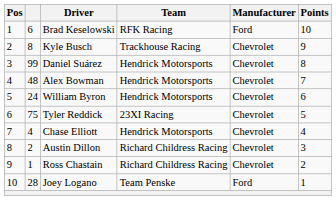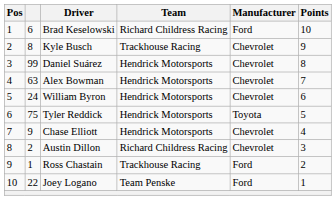 <table class="wikitable" style="font-size:98%">
 <tr>
 <th>Pos</th>
 <th></th>
 <th>Driver</th>
 <th>Team</th>
 <th>Manufacturer</th>
 <th>Points</th>
 </tr>
 <tr>
 <td>1</td>
 <td>6</td>
 <td>Brad Keselowski</td>
-<td>RFK Racing</td>
+<td>Richard Childress Racing</td>
 <td>Ford</td>
 <td>10</td>
 </tr>
 <tr>
 <td>2</td>
 <td>8</td>
 <td>Kyle Busch</td>
 <td>Trackhouse Racing</td>
 <td>Chevrolet</td>
 <td>9</td>
 </tr>
 <tr>
 <td>3</td>
 <td>99</td>
 <td>Daniel Suárez</td>
 <td>Hendrick Motorsports</td>
 <td>Chevrolet</td>
 <td>8</td>
 </tr>
 <tr>
 <td>4</td>
-<td>48</td>
+<td>63</td>
 <td>Alex Bowman</td>
 <td>Hendrick Motorsports</td>
 <td>Chevrolet</td>
 <td>7</td>
 </tr>
 <tr>
 <td>5</td>
 <td>24</td>
 <td>William Byron</td>
 <td>Hendrick Motorsports</td>
 <td>Chevrolet</td>
 <td>6</td>
 </tr>
 <tr>
 <td>6</td>
 <td>75</td>
 <td>Tyler Reddick</td>
-<td>23XI Racing</td>
-<td>Chevrolet</td>
+<td>Hendrick Motorsports</td>
+<td>Toyota</td>
 <td>5</td>
 </tr>
 <tr>
 <td>7</td>
-<td>4</td>
+<td>9</td>
 <td>Chase Elliott</td>
 <td>Hendrick Motorsports</td>
 <td>Chevrolet</td>
 <td>4</td>
 </tr>
 <tr>
 <td>8</td>
 <td>2</td>
 <td>Austin Dillon</td>
 <td>Richard Childress Racing</td>
 <td>Chevrolet</td>
 <td>3</td>
 </tr>
 <tr>
 <td>9</td>
 <td>1</td>
 <td>Ross Chastain</td>
-<td>Richard Childress Racing</td>
-<td>Chevrolet</td>
+<td>Trackhouse Racing</td>
+<td>Ford</td>
 <td>2</td>
 </tr>
 <tr>
 <td>10</td>
-<td>28</td>
+<td>22</td>
 <td>Joey Logano</td>
 <td>Team Penske</td>
 <td>Ford</td>
 <td>1</td>
 </tr>
 <tr>
 <th colspan="6"></th>
 </tr>
 </table>
